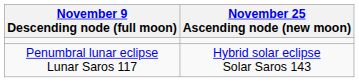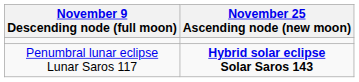 <table class="wikitable">
 <tr>
 <th><a href='#'>November 9</a><br>Descending node (full moon)<br></th>
 <th><a href='#'>November 25</a><br>Ascending node (new moon)<br></th>
 </tr>
 <tr>
 <td></td>
 <td></td>
 </tr>
 <tr align=center>
 <td><a href='#'>Penumbral lunar eclipse</a><br>Lunar Saros 117</td>
-<td><a href='#'>Hybrid solar eclipse</a><br>Solar Saros 143</td>
+<td><strong><a href='#'>Hybrid solar eclipse</a><br>Solar Saros 143</strong></td>
 </tr>
 </table>
